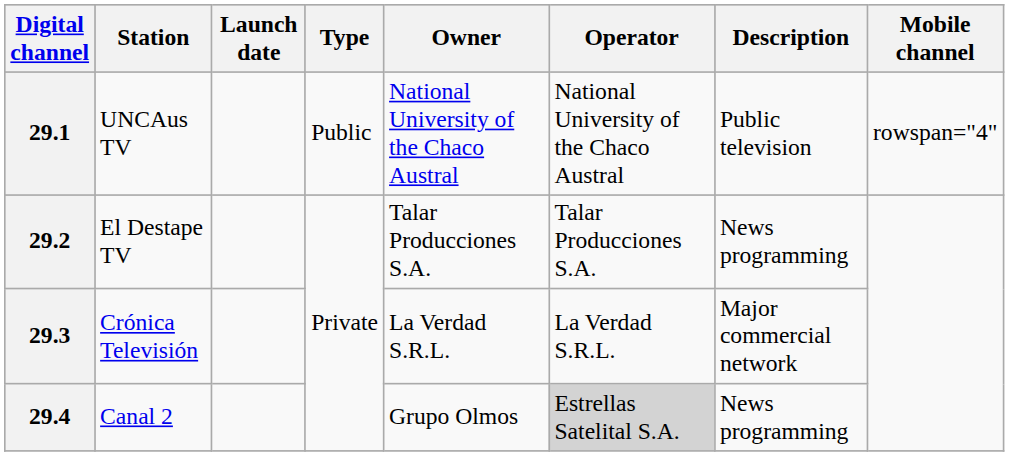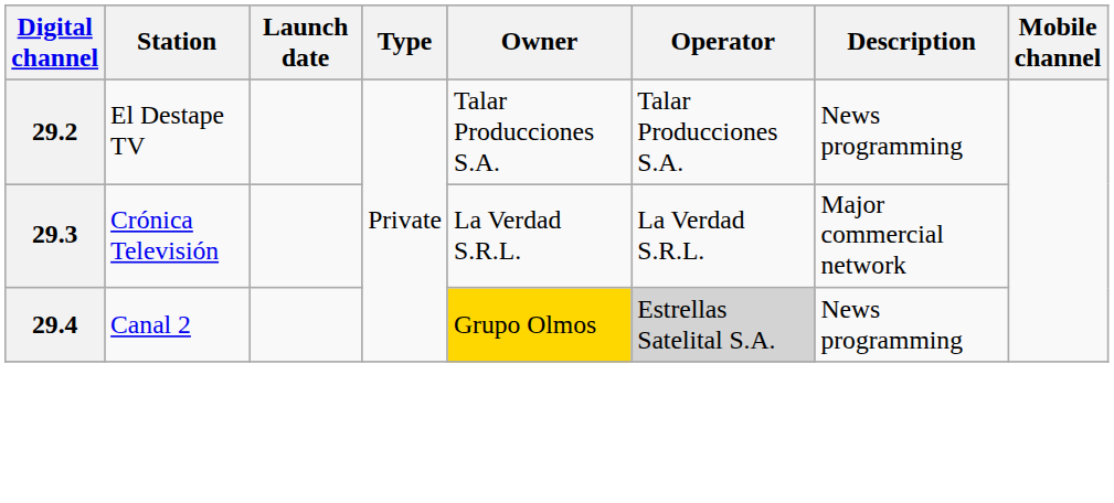 <table class="wikitable sortable" style="font-size: 90%;">
 <tr>
 <th><a href='#'>Digital<br>channel</a></th>
 <th>Station</th>
 <th>Launch date</th>
 <th>Type</th>
 <th>Owner</th>
 <th>Operator</th>
 <th>Description</th>
 <th>Mobile<br>channel</th>
-</tr>
-<tr>
-<th>29.1</th>
-<td>UNCAus TV</td>
-<td></td>
-<td>Public</td>
-<td><a href='#'>National University of the Chaco Austral</a></td>
-<td>National University of the Chaco Austral</td>
-<td>Public television</td>
-<td>rowspan="4" </td>
 </tr>
 <tr>
 <th>29.2</th>
 <td>El Destape TV</td>
 <td></td>
 <td rowspan="3">Private</td>
 <td>Talar Producciones S.A.</td>
 <td>Talar Producciones S.A.</td>
 <td>News programming</td>
 </tr>
 <tr>
 <th>29.3</th>
 <td><a href='#'>Crónica Televisión</a></td>
 <td></td>
 <td>La Verdad S.R.L.</td>
 <td>La Verdad S.R.L.</td>
 <td>Major commercial network</td>
 </tr>
 <tr>
 <th>29.4</th>
 <td><a href='#'>Canal 2</a></td>
 <td></td>
-<td>Grupo Olmos</td>
+<td style="background: gold;">Grupo Olmos</td>
 <td style="background: lightgrey;">Estrellas Satelital S.A.</td>
 <td>News programming</td>
 </tr>
 </table>
